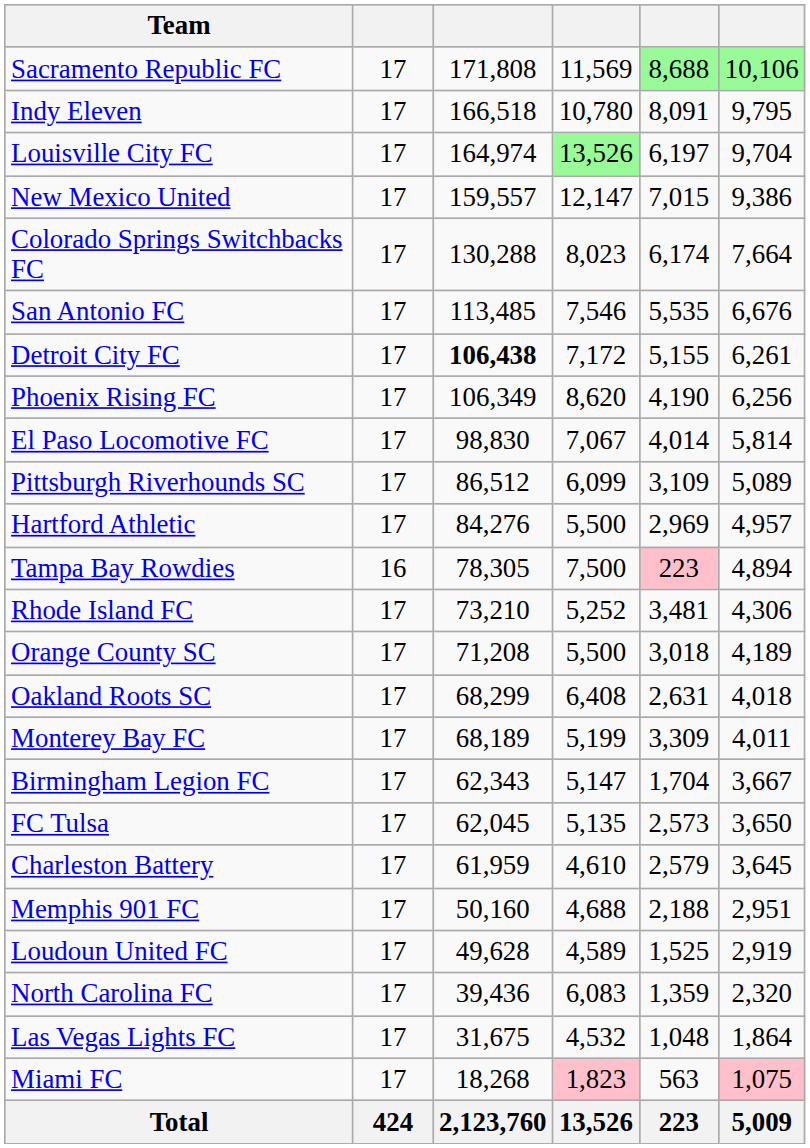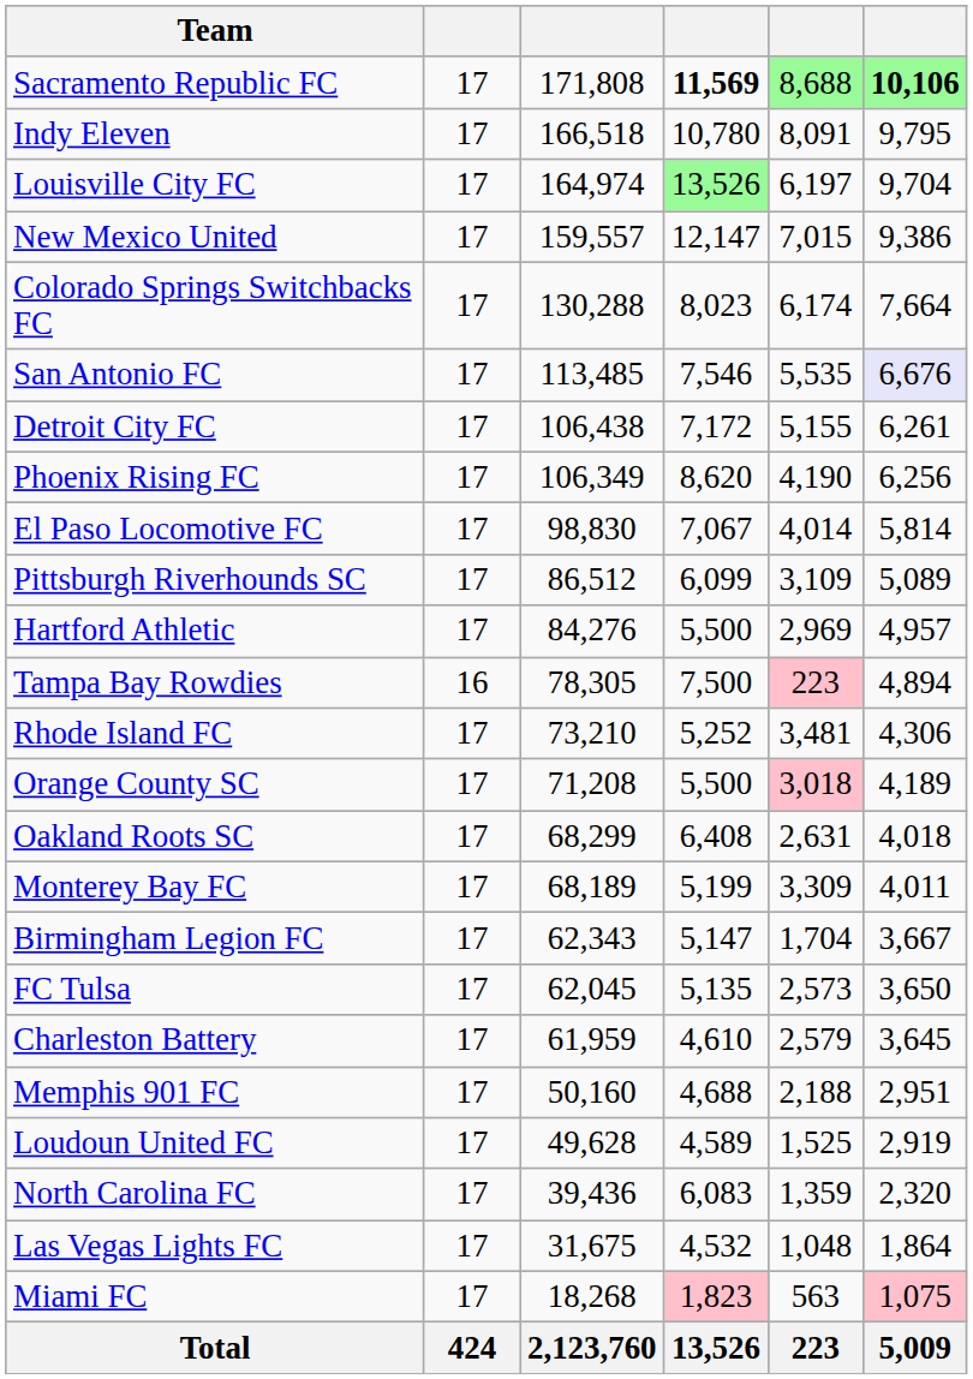 <table class="wikitable sortable">
 <tr>
 <th width=200>Team</th>
 <th width=40></th>
 <th width=40></th>
 <th width=40></th>
 <th width=40></th>
 <th width=40></th>
 </tr>
 <tr align="center">
 <td align="left"><a href='#'>Sacramento Republic FC</a></td>
 <td>17</td>
 <td>171,808</td>
-<td>11,569</td>
+<td><strong>11,569</strong></td>
 <td bgcolor="#98fb98">8,688</td>
-<td bgcolor="#98fb98">10,106</td>
+<td bgcolor="#98fb98"><strong>10,106</strong></td>
 </tr>
 <tr align="center">
 <td align="left"><a href='#'>Indy Eleven</a></td>
 <td>17</td>
 <td>166,518</td>
 <td>10,780</td>
 <td>8,091</td>
 <td>9,795</td>
 </tr>
 <tr align="center">
 <td align="left"><a href='#'>Louisville City FC</a></td>
 <td>17</td>
 <td>164,974</td>
 <td bgcolor="#98fb98">13,526</td>
 <td>6,197</td>
 <td>9,704</td>
 </tr>
 <tr align="center">
 <td align="left"><a href='#'>New Mexico United</a></td>
 <td>17</td>
 <td>159,557</td>
 <td>12,147</td>
 <td>7,015</td>
 <td>9,386</td>
 </tr>
 <tr align="center">
 <td align="left"><a href='#'>Colorado Springs Switchbacks FC</a></td>
 <td>17</td>
 <td>130,288</td>
 <td>8,023</td>
 <td>6,174</td>
 <td>7,664</td>
 </tr>
 <tr align="center">
 <td align="left"><a href='#'>San Antonio FC</a></td>
 <td>17</td>
 <td>113,485</td>
 <td>7,546</td>
 <td>5,535</td>
-<td>6,676</td>
+<td style="background: lavender;">6,676</td>
 </tr>
 <tr align="center">
 <td align="left"><a href='#'>Detroit City FC</a></td>
 <td>17</td>
-<td><strong>106,438</strong></td>
+<td>106,438</td>
 <td>7,172</td>
 <td>5,155</td>
 <td>6,261</td>
 </tr>
 <tr align="center">
 <td align="left"><a href='#'>Phoenix Rising FC</a></td>
 <td>17</td>
 <td>106,349</td>
 <td>8,620</td>
 <td>4,190</td>
 <td>6,256</td>
 </tr>
 <tr align="center">
 <td align="left"><a href='#'>El Paso Locomotive FC</a></td>
 <td>17</td>
 <td>98,830</td>
 <td>7,067</td>
 <td>4,014</td>
 <td>5,814</td>
 </tr>
 <tr align="center">
 <td align="left"><a href='#'>Pittsburgh Riverhounds SC</a></td>
 <td>17</td>
 <td>86,512</td>
 <td>6,099</td>
 <td>3,109</td>
 <td>5,089</td>
 </tr>
 <tr align="center">
 <td align="left"><a href='#'>Hartford Athletic</a></td>
 <td>17</td>
 <td>84,276</td>
 <td>5,500</td>
 <td>2,969</td>
 <td>4,957</td>
 </tr>
 <tr align="center">
 <td align="left"><a href='#'>Tampa Bay Rowdies</a></td>
 <td>16</td>
 <td>78,305</td>
 <td>7,500</td>
 <td bgcolor="#ffc0cb">223</td>
 <td>4,894</td>
 </tr>
 <tr align="center">
 <td align="left"><a href='#'>Rhode Island FC</a></td>
 <td>17</td>
 <td>73,210</td>
 <td>5,252</td>
 <td>3,481</td>
 <td>4,306</td>
 </tr>
 <tr align="center">
 <td align="left"><a href='#'>Orange County SC</a></td>
 <td>17</td>
 <td>71,208</td>
 <td>5,500</td>
-<td>3,018</td>
+<td style="background: pink;">3,018</td>
 <td>4,189</td>
 </tr>
 <tr align="center">
 <td align=left><a href='#'>Oakland Roots SC</a></td>
 <td>17</td>
 <td>68,299</td>
 <td>6,408</td>
 <td>2,631</td>
 <td>4,018</td>
 </tr>
 <tr align="center">
 <td align="left"><a href='#'>Monterey Bay FC</a></td>
 <td>17</td>
 <td>68,189</td>
 <td>5,199</td>
 <td>3,309</td>
 <td>4,011</td>
 </tr>
 <tr align="center">
 <td align="left"><a href='#'>Birmingham Legion FC</a></td>
 <td>17</td>
 <td>62,343</td>
 <td>5,147</td>
 <td>1,704</td>
 <td>3,667</td>
 </tr>
 <tr align="center">
 <td align="left"><a href='#'>FC Tulsa</a></td>
 <td>17</td>
 <td>62,045</td>
 <td>5,135</td>
 <td>2,573</td>
 <td>3,650</td>
 </tr>
 <tr align="center">
 <td align="left"><a href='#'>Charleston Battery</a></td>
 <td>17</td>
 <td>61,959</td>
 <td>4,610</td>
 <td>2,579</td>
 <td>3,645</td>
 </tr>
 <tr align="center">
 <td align="left"><a href='#'>Memphis 901 FC</a></td>
 <td>17</td>
 <td>50,160</td>
 <td>4,688</td>
 <td>2,188</td>
 <td>2,951</td>
 </tr>
 <tr align="center">
 <td align="left"><a href='#'>Loudoun United FC</a></td>
 <td>17</td>
 <td>49,628</td>
 <td>4,589</td>
 <td>1,525</td>
 <td>2,919</td>
 </tr>
 <tr align="center">
 <td align=left><a href='#'>North Carolina FC</a></td>
 <td>17</td>
 <td>39,436</td>
 <td>6,083</td>
 <td>1,359</td>
 <td>2,320</td>
 </tr>
 <tr align="center">
 <td align="left"><a href='#'>Las Vegas Lights FC</a></td>
 <td>17</td>
 <td>31,675</td>
 <td>4,532</td>
 <td>1,048</td>
 <td>1,864</td>
 </tr>
 <tr align="center">
 <td align="left"><a href='#'>Miami FC</a></td>
 <td>17</td>
 <td>18,268</td>
 <td bgcolor="#ffc0cb">1,823</td>
 <td>563</td>
 <td bgcolor="#ffc0cb">1,075</td>
 </tr>
 <tr align="center">
 <th align="left">Total</th>
 <th>424</th>
 <th>2,123,760</th>
 <th>13,526</th>
 <th>223</th>
 <th>5,009</th>
 </tr>
 </table>
